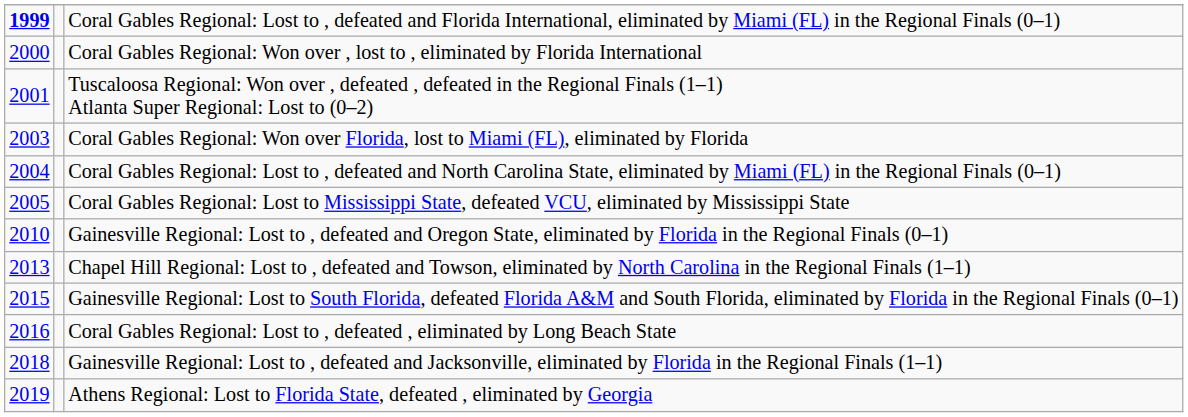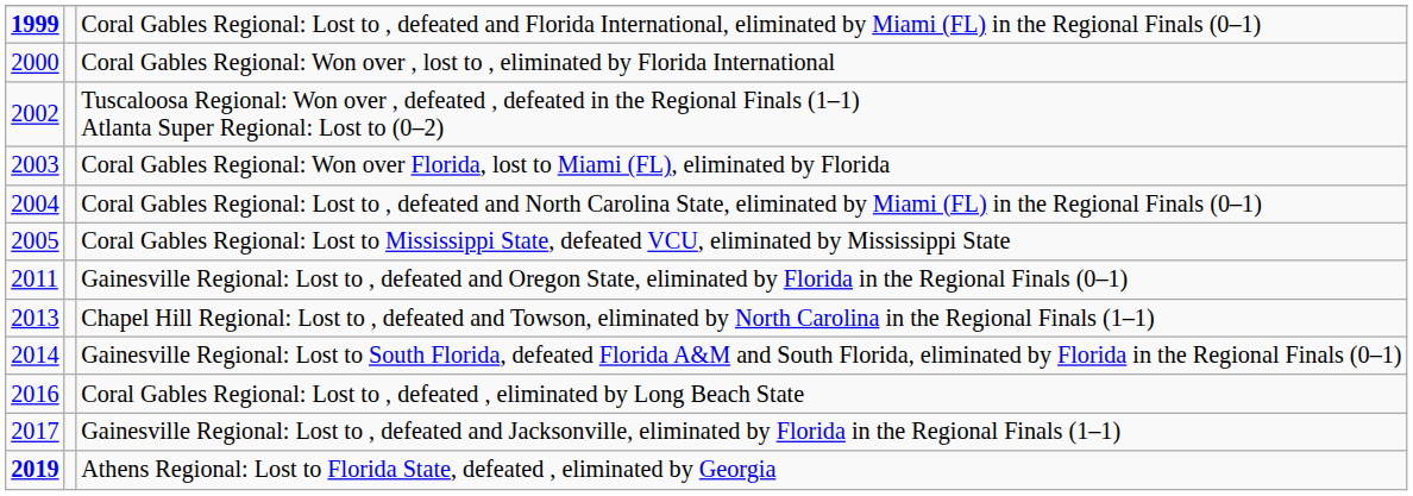 <table class="wikitable">
 <tr>
 </tr>
 <tr>
 <td><strong><a href='#'>1999</a></strong></td>
 <td></td>
 <td>Coral Gables Regional: Lost to , defeated  and Florida International, eliminated by <a href='#'>Miami (FL)</a> in the Regional Finals (0–1)</td>
 </tr>
 <tr>
 <td><a href='#'>2000</a></td>
 <td></td>
 <td>Coral Gables Regional: Won over , lost to , eliminated by Florida International</td>
 </tr>
 <tr>
-<td><a href='#'>2001</a></td>
+<td><a href='#'>2002</a></td>
 <td></td>
 <td>Tuscaloosa Regional: Won over , defeated , defeated  in the Regional Finals (1–1)<br>Atlanta Super Regional: Lost to  (0–2)</td>
 </tr>
 <tr>
 <td><a href='#'>2003</a></td>
 <td></td>
 <td>Coral Gables Regional: Won over <a href='#'>Florida</a>, lost to <a href='#'>Miami (FL)</a>, eliminated by Florida</td>
 </tr>
 <tr>
 <td><a href='#'>2004</a></td>
 <td></td>
 <td>Coral Gables Regional: Lost to , defeated  and North Carolina State, eliminated by <a href='#'>Miami (FL)</a> in the Regional Finals (0–1)</td>
 </tr>
 <tr>
 <td><a href='#'>2005</a></td>
 <td></td>
 <td>Coral Gables Regional: Lost to <a href='#'>Mississippi State</a>, defeated <a href='#'>VCU</a>, eliminated by Mississippi State</td>
 </tr>
 <tr>
-<td><a href='#'>2010</a></td>
+<td><a href='#'>2011</a></td>
 <td></td>
 <td>Gainesville Regional: Lost to , defeated  and Oregon State, eliminated by <a href='#'>Florida</a> in the Regional Finals (0–1)</td>
 </tr>
 <tr>
 <td><a href='#'>2013</a></td>
 <td></td>
 <td>Chapel Hill Regional: Lost to , defeated  and Towson, eliminated by <a href='#'>North Carolina</a> in the Regional Finals (1–1)</td>
 </tr>
 <tr>
-<td><a href='#'>2015</a></td>
+<td><a href='#'>2014</a></td>
 <td></td>
 <td>Gainesville Regional: Lost to <a href='#'>South Florida</a>, defeated <a href='#'>Florida A&M</a> and South Florida, eliminated by <a href='#'>Florida</a> in the Regional Finals (0–1)</td>
 </tr>
 <tr>
 <td><a href='#'>2016</a></td>
 <td></td>
 <td>Coral Gables Regional: Lost to , defeated , eliminated by Long Beach State</td>
 </tr>
 <tr>
-<td><a href='#'>2018</a></td>
+<td><a href='#'>2017</a></td>
 <td></td>
 <td>Gainesville Regional: Lost to , defeated  and Jacksonville, eliminated by <a href='#'>Florida</a> in the Regional Finals (1–1)</td>
 </tr>
 <tr>
-<td><a href='#'>2019</a></td>
+<td><strong><a href='#'>2019</a></strong></td>
 <td></td>
 <td>Athens Regional: Lost to <a href='#'>Florida State</a>, defeated , eliminated by <a href='#'>Georgia</a></td>
 </tr>
 </table>
